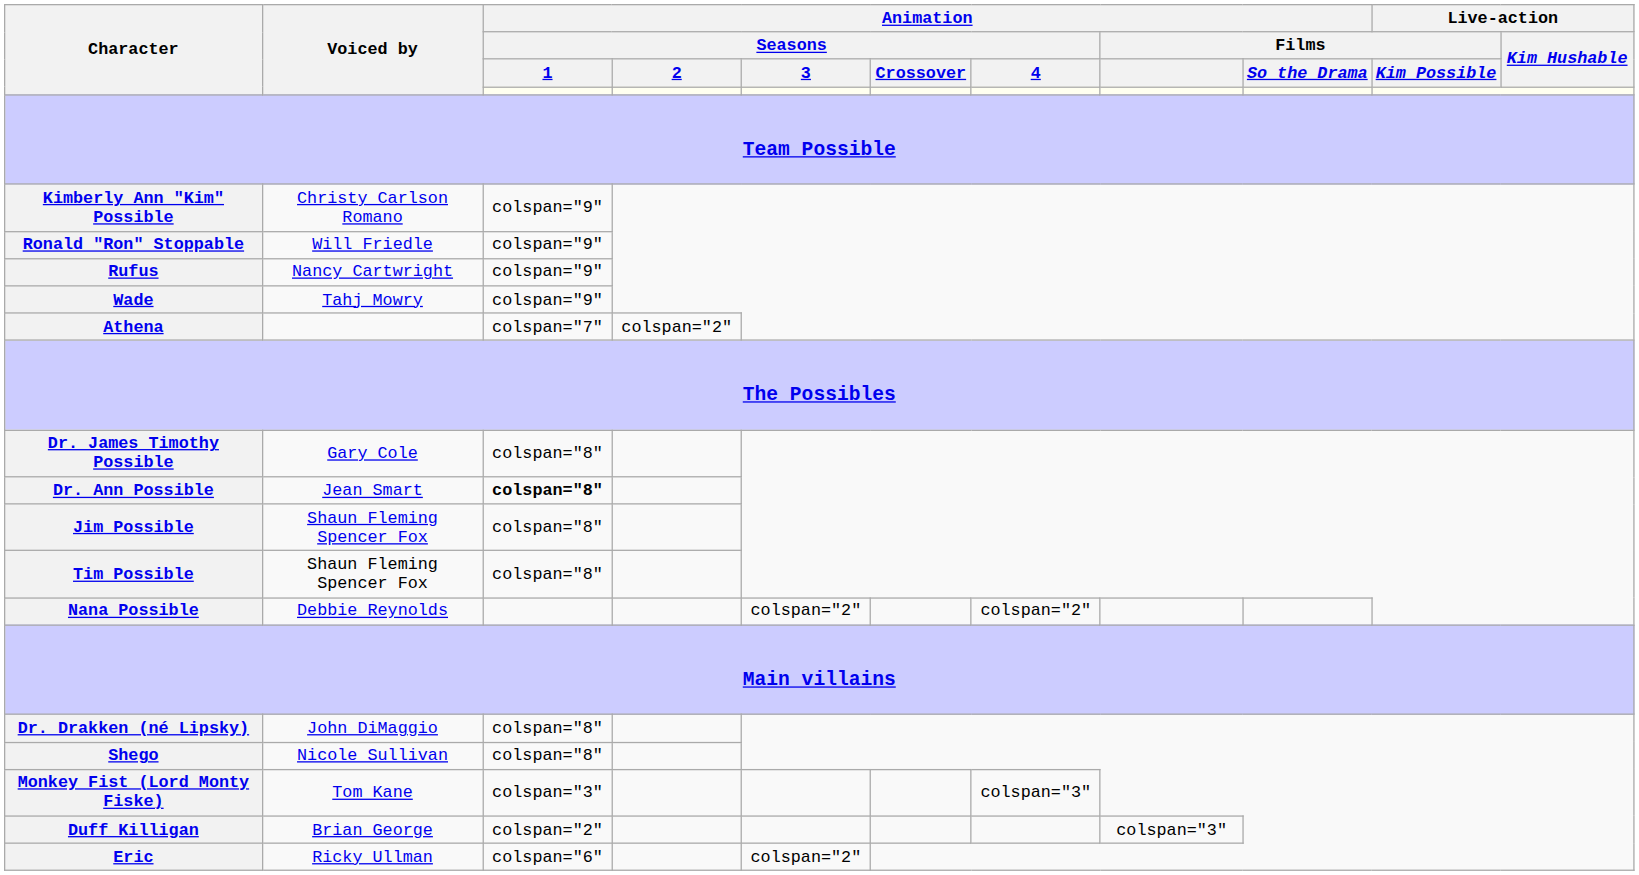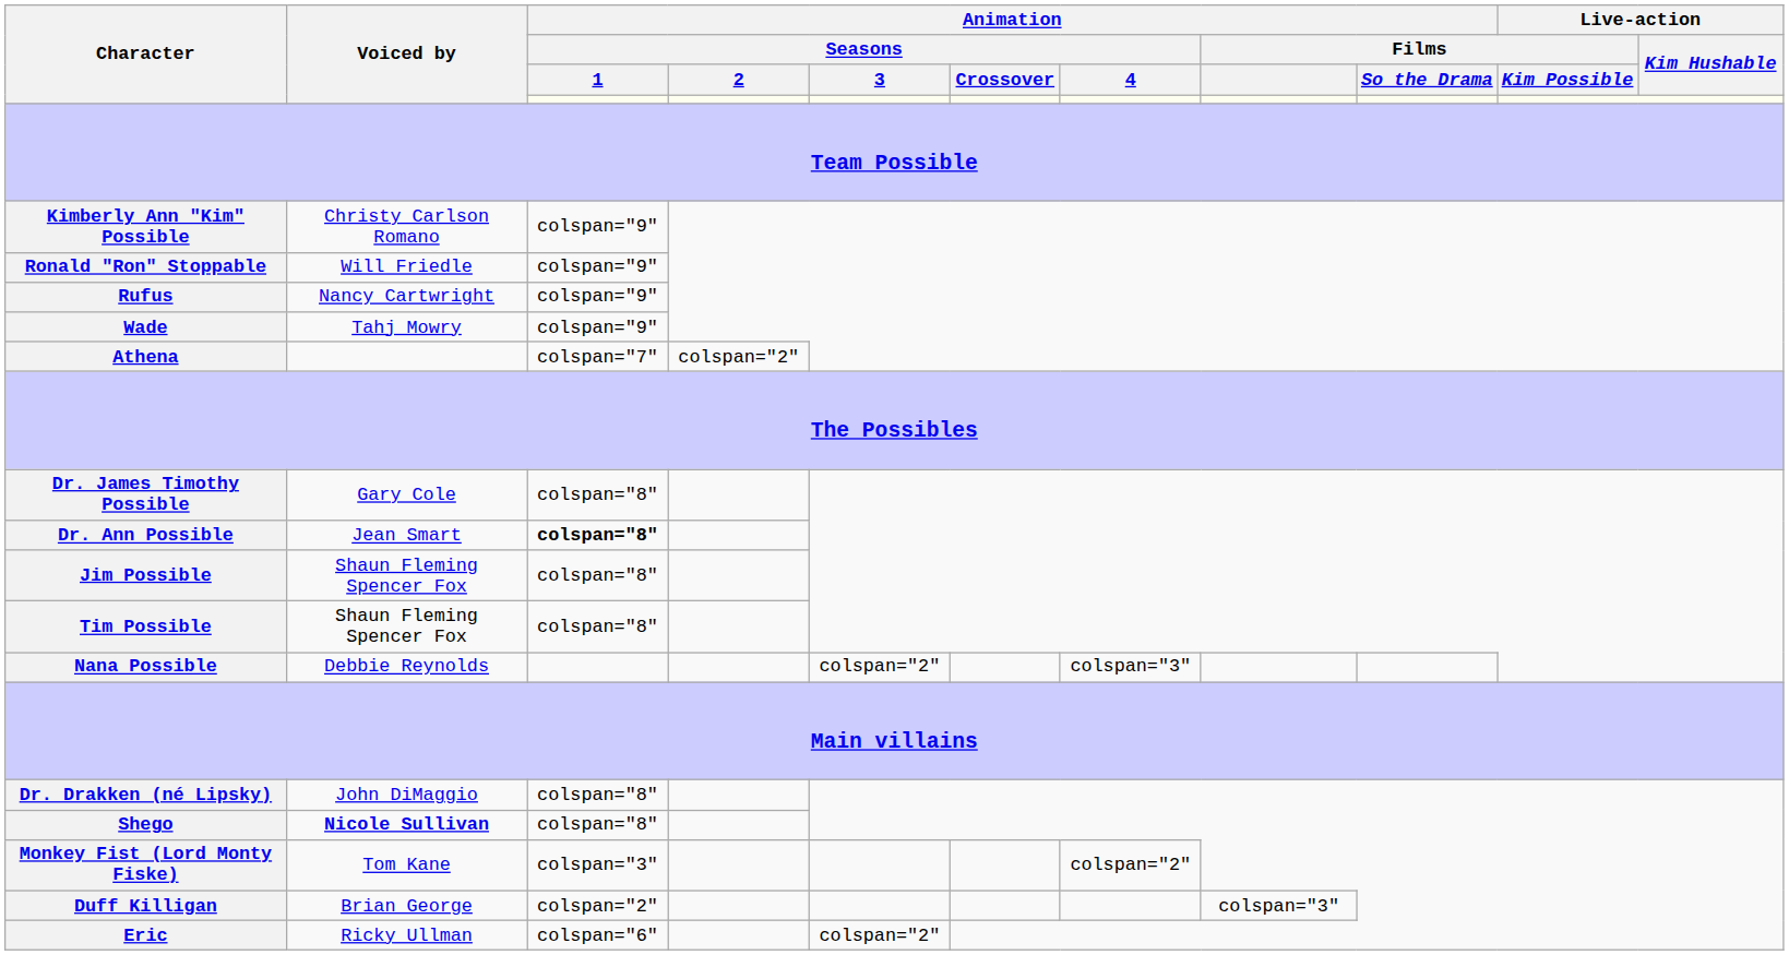 <table class="wikitable" style="text-align:center; width:100%">
 <tr>
 <th scope="col" rowspan="4" style="width:14%;">Character</th>
 <th scope="col" rowspan="4" style="width:12%;">Voiced by</th>
 <th scope="col" colspan="7"><a href='#'>Animation</a></th>
 <th scope="col" colspan="2">Live-action</th>
 </tr>
 <tr>
 <th scope="col" colspan="5"><a href='#'>Seasons</a></th>
 <th scope="col" colspan="3">Films</th>
 <th scope="col" rowspan="2" style="width:7.25%;"><em><a href='#'>Kim Hushable</a></em></th>
 </tr>
 <tr>
 <th scope="col" style="width:5%;"><a href='#'>1</a></th>
 <th scope="col" style="width:5%;"><a href='#'>2</a></th>
 <th scope="col" style="width:5%;"><a href='#'>3</a></th>
 <th scope="col" style="width:1%;"><a href='#'>Crossover</a></th>
 <th scope="col" style="width:5%;"><a href='#'>4</a></th>
 <th scope="col" style="width:7.75%;"><em><a href='#'> </a></em></th>
 <th scope="col" style="width:7%;"><em><a href='#'>So the Drama</a></em></th>
 <th scope="col" style="width:7%;"><em><a href='#'>Kim Possible</a></em></th>
 </tr>
 <tr>
 <td style="background:ivory;"></td>
 <td style="background:ivory;"></td>
 <td style="background:ivory;"></td>
 <td style="background:ivory;"></td>
 <td style="background:ivory;"></td>
 <td style="background:ivory;"></td>
 <td style="background:ivory;"></td>
 <td colspan="2" style="background:ivory;"></td>
 </tr>
 <tr>
 <th colspan="11" style="background:#ccccff;"><br><h3><a href='#'>Team Possible</a></h3></th>
 </tr>
 <tr>
 <th scope="row"><a href='#'>Kimberly Ann "Kim" Possible</a></th>
 <td><a href='#'>Christy Carlson Romano</a></td>
 <td>colspan="9" </td>
 </tr>
 <tr>
 <th scope="row"><a href='#'>Ronald "Ron" Stoppable</a></th>
 <td><a href='#'>Will Friedle</a></td>
 <td>colspan="9" </td>
 </tr>
 <tr>
 <th scope="row"><a href='#'>Rufus</a></th>
 <td><a href='#'>Nancy Cartwright</a></td>
 <td>colspan="9" </td>
 </tr>
 <tr>
 <th scope="row"><a href='#'>Wade</a></th>
 <td><a href='#'>Tahj Mowry</a></td>
 <td>colspan="9" </td>
 </tr>
 <tr>
 <th scope="row"><a href='#'>Athena</a></th>
 <td></td>
 <td>colspan="7" </td>
 <td>colspan="2" </td>
 </tr>
 <tr>
 <th colspan="11" style="background:#ccccff;"><br><h3><a href='#'>The Possibles</a></h3></th>
 </tr>
 <tr>
 <th scope="row"><a href='#'>Dr. James Timothy Possible</a></th>
 <td><a href='#'>Gary Cole</a></td>
 <td>colspan="8" </td>
 <td></td>
 </tr>
 <tr>
 <th scope="row"><a href='#'>Dr. Ann Possible</a></th>
 <td><a href='#'>Jean Smart</a></td>
 <td><strong>colspan="8" </strong></td>
 <td></td>
 </tr>
 <tr>
 <th scope="row"><a href='#'>Jim Possible</a></th>
 <td><a href='#'>Shaun Fleming</a> <br><a href='#'>Spencer Fox</a> </td>
 <td>colspan="8" </td>
 <td></td>
 </tr>
 <tr>
 <th scope="row"><a href='#'>Tim Possible</a></th>
 <td>Shaun Fleming <br>Spencer Fox </td>
 <td>colspan="8" </td>
 <td></td>
 </tr>
 <tr>
 <th scope="row"><a href='#'>Nana Possible</a></th>
 <td><a href='#'>Debbie Reynolds</a></td>
 <td></td>
 <td></td>
 <td>colspan="2" </td>
 <td></td>
-<td>colspan="2" </td>
+<td>colspan="3" </td>
 <td></td>
 <td></td>
 </tr>
 <tr>
 <th colspan="11" style="background:#ccccff;"><br><h3><a href='#'>Main villains</a></h3></th>
 </tr>
 <tr>
 <th scope="row"><a href='#'>Dr. Drakken (né Lipsky)</a></th>
 <td><a href='#'>John DiMaggio</a></td>
 <td>colspan="8" </td>
 <td></td>
 </tr>
 <tr>
 <th scope="row"><a href='#'>Shego</a></th>
-<td><a href='#'>Nicole Sullivan</a></td>
+<td><strong><a href='#'>Nicole Sullivan</a></strong></td>
 <td>colspan="8" </td>
 <td></td>
 </tr>
 <tr>
 <th scope="row"><a href='#'>Monkey Fist (Lord Monty Fiske)</a></th>
 <td><a href='#'>Tom Kane</a></td>
 <td>colspan="3" </td>
 <td></td>
 <td></td>
 <td></td>
-<td>colspan="3" </td>
+<td>colspan="2" </td>
 </tr>
 <tr>
 <th scope="row"><a href='#'>Duff Killigan</a></th>
 <td><a href='#'>Brian George</a></td>
 <td>colspan="2" </td>
 <td></td>
 <td></td>
 <td></td>
 <td></td>
 <td>colspan="3" </td>
 </tr>
 <tr>
 <th scope="row"><a href='#'>Eric</a></th>
 <td><a href='#'>Ricky Ullman</a></td>
 <td>colspan="6" </td>
 <td></td>
 <td>colspan="2" </td>
 </tr>
 </table>
